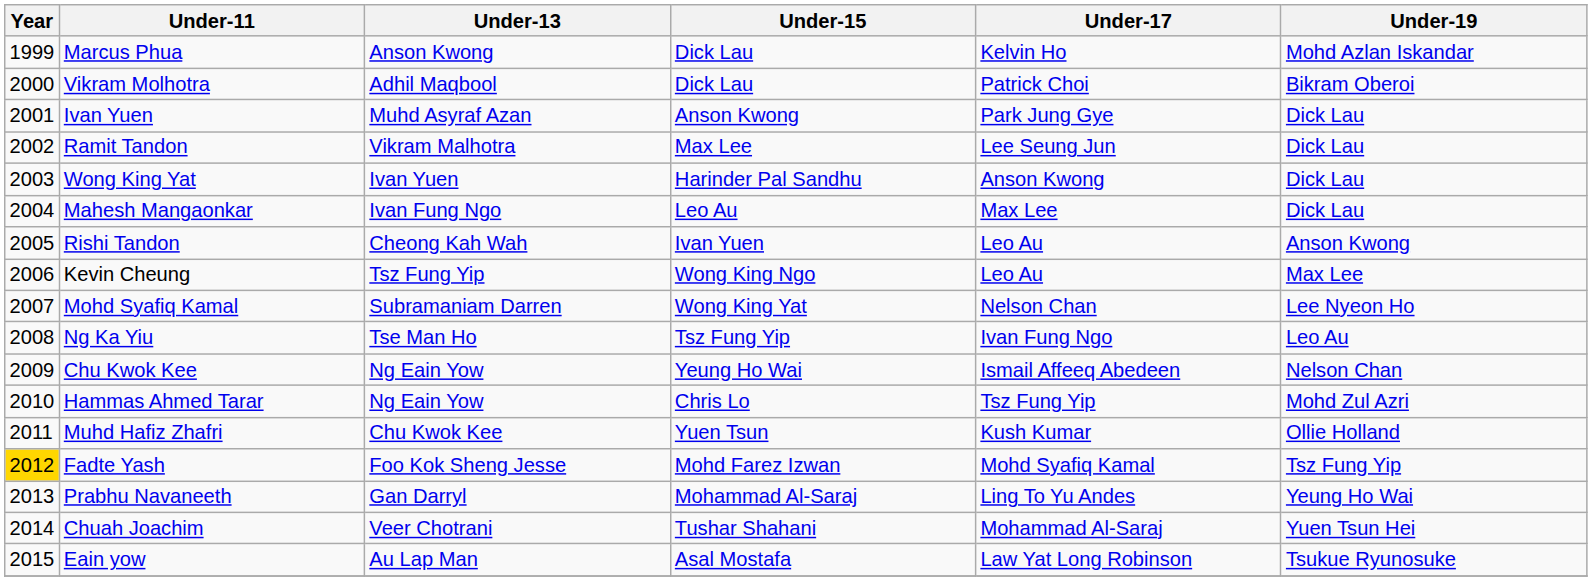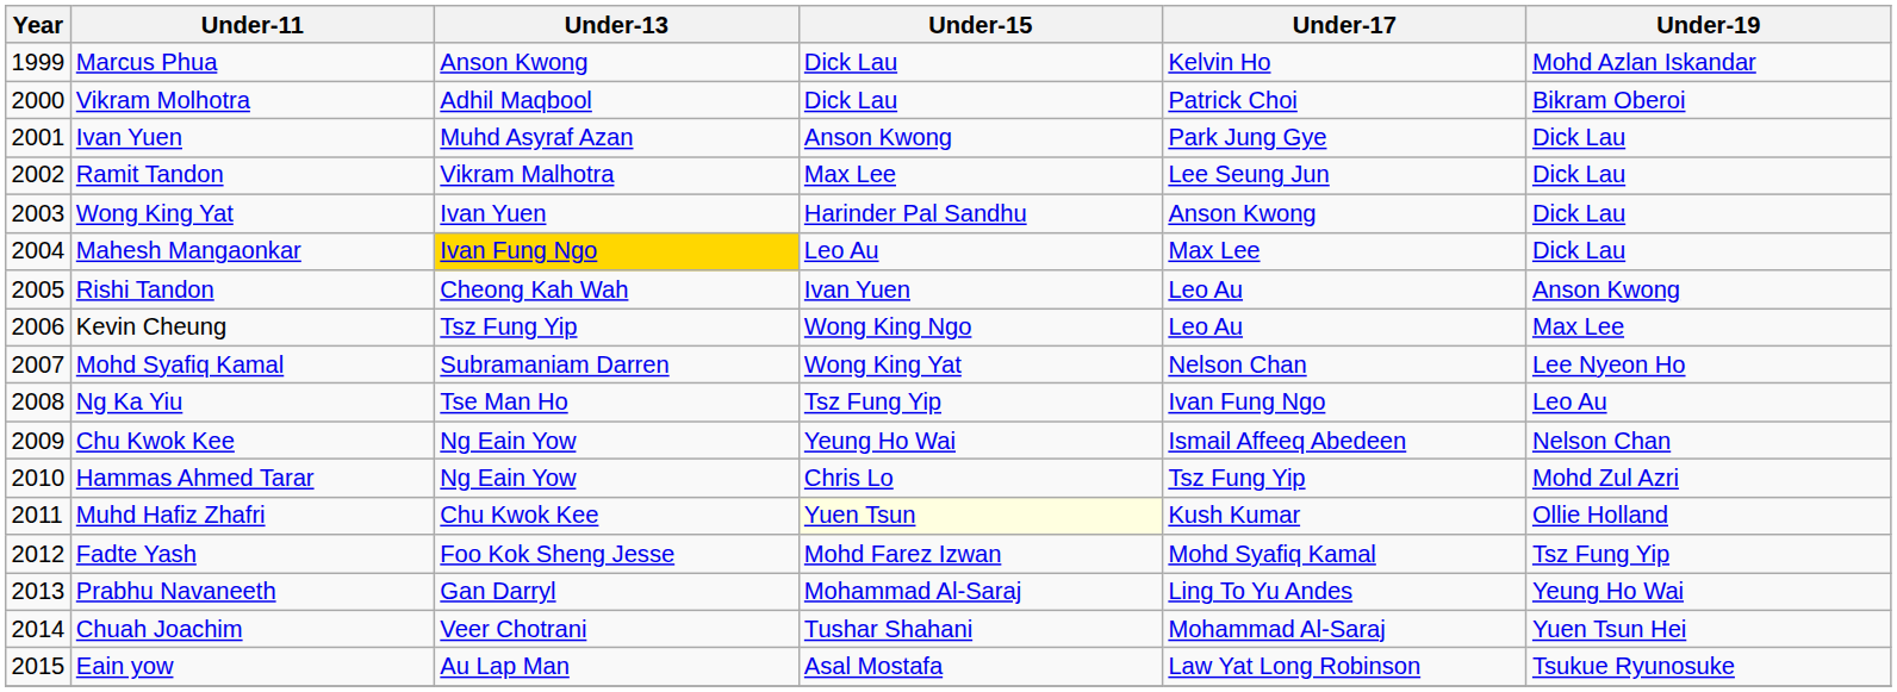 <table class="wikitable sortable" style="font-size: 85%">
 <tr>
 <th>Year</th>
 <th width=200>Under-11</th>
 <th width=200>Under-13</th>
 <th width=200>Under-15</th>
 <th width=200>Under-17</th>
 <th width=200>Under-19</th>
 </tr>
 <tr>
 <td>1999</td>
 <td> <a href='#'>Marcus Phua</a></td>
 <td> <a href='#'>Anson Kwong</a></td>
 <td> <a href='#'>Dick Lau</a></td>
 <td> <a href='#'>Kelvin Ho</a></td>
 <td> <a href='#'>Mohd Azlan Iskandar</a></td>
 </tr>
 <tr>
 <td>2000</td>
 <td> <a href='#'>Vikram Molhotra</a></td>
 <td> <a href='#'>Adhil Maqbool</a></td>
 <td> <a href='#'>Dick Lau</a></td>
 <td> <a href='#'>Patrick Choi</a></td>
 <td> <a href='#'>Bikram Oberoi</a></td>
 </tr>
 <tr>
 <td>2001</td>
 <td> <a href='#'>Ivan Yuen</a></td>
 <td> <a href='#'>Muhd Asyraf Azan</a></td>
 <td> <a href='#'>Anson Kwong</a></td>
 <td> <a href='#'>Park Jung Gye</a></td>
 <td> <a href='#'>Dick Lau </a></td>
 </tr>
 <tr>
 <td>2002</td>
 <td> <a href='#'>Ramit Tandon</a></td>
 <td> <a href='#'>Vikram Malhotra</a></td>
 <td> <a href='#'>Max Lee</a></td>
 <td> <a href='#'>Lee Seung Jun</a></td>
 <td> <a href='#'>Dick Lau</a></td>
 </tr>
 <tr>
 <td>2003</td>
 <td> <a href='#'>Wong King Yat</a></td>
 <td> <a href='#'>Ivan Yuen</a></td>
 <td> <a href='#'>Harinder Pal Sandhu</a></td>
 <td> <a href='#'>Anson Kwong</a></td>
 <td> <a href='#'>Dick Lau</a></td>
 </tr>
 <tr>
 <td>2004</td>
 <td> <a href='#'>Mahesh Mangaonkar</a></td>
-<td> <a href='#'>Ivan Fung Ngo</a></td>
+<td style="background: gold;"> <a href='#'>Ivan Fung Ngo</a></td>
 <td> <a href='#'>Leo Au</a></td>
 <td> <a href='#'>Max Lee</a></td>
 <td> <a href='#'>Dick Lau</a></td>
 </tr>
 <tr>
 <td>2005</td>
 <td> <a href='#'>Rishi Tandon</a></td>
 <td> <a href='#'>Cheong Kah Wah</a></td>
 <td> <a href='#'>Ivan Yuen</a></td>
 <td> <a href='#'>Leo Au</a></td>
 <td> <a href='#'>Anson Kwong</a></td>
 </tr>
 <tr>
 <td>2006</td>
 <td> Kevin Cheung</td>
 <td> <a href='#'>Tsz Fung Yip</a></td>
 <td> <a href='#'>Wong King Ngo</a></td>
 <td> <a href='#'>Leo Au</a></td>
 <td> <a href='#'>Max Lee</a></td>
 </tr>
 <tr>
 <td>2007</td>
 <td> <a href='#'>Mohd Syafiq Kamal</a></td>
 <td> <a href='#'>Subramaniam Darren</a></td>
 <td> <a href='#'>Wong King Yat</a></td>
 <td> <a href='#'>Nelson Chan</a></td>
 <td> <a href='#'>Lee Nyeon Ho</a></td>
 </tr>
 <tr>
 <td>2008</td>
 <td> <a href='#'>Ng Ka Yiu</a></td>
 <td> <a href='#'>Tse Man Ho</a></td>
 <td> <a href='#'>Tsz Fung Yip</a></td>
 <td> <a href='#'>Ivan Fung Ngo</a></td>
 <td> <a href='#'>Leo Au</a></td>
 </tr>
 <tr>
 <td>2009</td>
 <td> <a href='#'>Chu Kwok Kee</a></td>
 <td> <a href='#'>Ng Eain Yow</a></td>
 <td> <a href='#'>Yeung Ho Wai</a></td>
 <td> <a href='#'>Ismail Affeeq Abedeen</a></td>
 <td> <a href='#'>Nelson Chan</a></td>
 </tr>
 <tr>
 <td>2010</td>
 <td> <a href='#'>Hammas Ahmed Tarar</a></td>
 <td> <a href='#'>Ng Eain Yow</a></td>
 <td> <a href='#'>Chris Lo</a></td>
 <td> <a href='#'>Tsz Fung Yip</a></td>
 <td> <a href='#'>Mohd Zul Azri</a></td>
 </tr>
 <tr>
 <td>2011</td>
 <td> <a href='#'>Muhd Hafiz Zhafri</a></td>
 <td> <a href='#'>Chu Kwok Kee</a></td>
-<td> <a href='#'>Yuen Tsun</a></td>
+<td style="background: lightyellow;"> <a href='#'>Yuen Tsun</a></td>
 <td> <a href='#'>Kush Kumar</a></td>
 <td> <a href='#'>Ollie Holland</a></td>
 </tr>
 <tr>
-<td style="background: gold;">2012</td>
+<td>2012</td>
 <td> <a href='#'>Fadte Yash</a></td>
 <td> <a href='#'>Foo Kok Sheng Jesse</a></td>
 <td> <a href='#'>Mohd Farez Izwan</a></td>
 <td> <a href='#'>Mohd Syafiq Kamal</a></td>
 <td> <a href='#'>Tsz Fung Yip</a></td>
 </tr>
 <tr>
 <td>2013</td>
 <td> <a href='#'>Prabhu Navaneeth</a></td>
 <td> <a href='#'>Gan Darryl</a></td>
 <td> <a href='#'>Mohammad Al-Saraj</a></td>
 <td> <a href='#'>Ling To Yu Andes</a></td>
 <td> <a href='#'>Yeung Ho Wai</a></td>
 </tr>
 <tr>
 <td>2014</td>
 <td> <a href='#'>Chuah Joachim</a></td>
 <td> <a href='#'>Veer Chotrani</a></td>
 <td> <a href='#'>Tushar Shahani</a></td>
 <td> <a href='#'>Mohammad Al-Saraj</a></td>
 <td> <a href='#'>Yuen Tsun Hei</a></td>
 </tr>
 <tr>
 <td>2015</td>
 <td> <a href='#'>Eain yow </a></td>
 <td> <a href='#'>Au Lap Man</a></td>
 <td> <a href='#'>Asal Mostafa</a></td>
 <td> <a href='#'>Law Yat Long Robinson</a></td>
 <td> <a href='#'>Tsukue Ryunosuke</a></td>
 </tr>
 <tr>
 </tr>
 </table>
